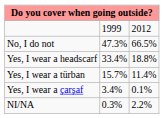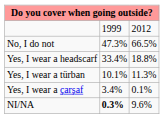 <table class="wikitable" style="border:1px black; float:right; margin-center:1em">
 <tr>
 <th style="background:#f99;" colspan="4">Do you cover when going outside?</th>
 </tr>
 <tr Answers>
 <td></td>
 <td>1999</td>
 <td>2012</td>
 </tr>
 <tr>
 <td>No, I do not</td>
 <td>47.3%</td>
 <td>66.5%</td>
 </tr>
 <tr>
 <td>Yes, I wear a headscarf</td>
 <td>33.4%</td>
 <td>18.8%</td>
 </tr>
 <tr>
 <td>Yes, I wear a türban</td>
-<td>15.7%</td>
-<td>11.4%</td>
+<td>10.1%</td>
+<td>11.3%</td>
 </tr>
 <tr>
 <td>Yes, I wear a <a href='#'>çarşaf</a></td>
 <td>3.4%</td>
 <td>0.1%</td>
 </tr>
 <tr>
 <td>NI/NA</td>
-<td>0.3%</td>
-<td>2.2%</td>
+<td><strong>0.3%</strong></td>
+<td>9.6%</td>
 </tr>
 </table>
